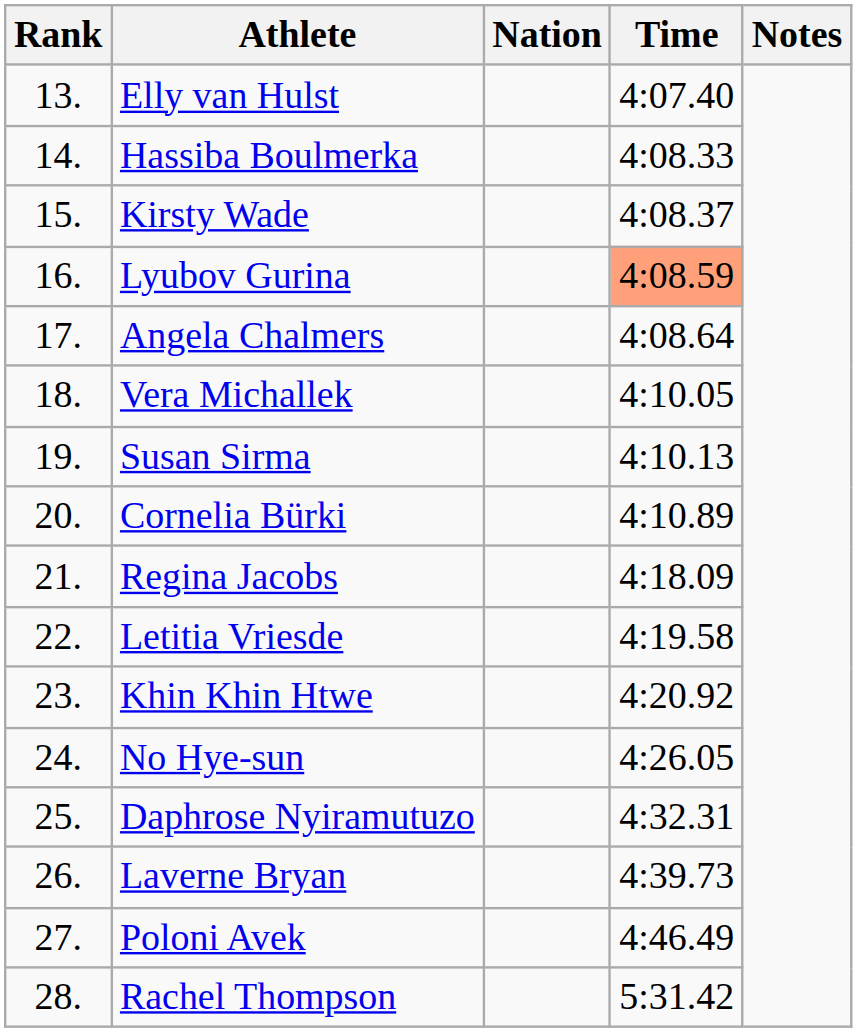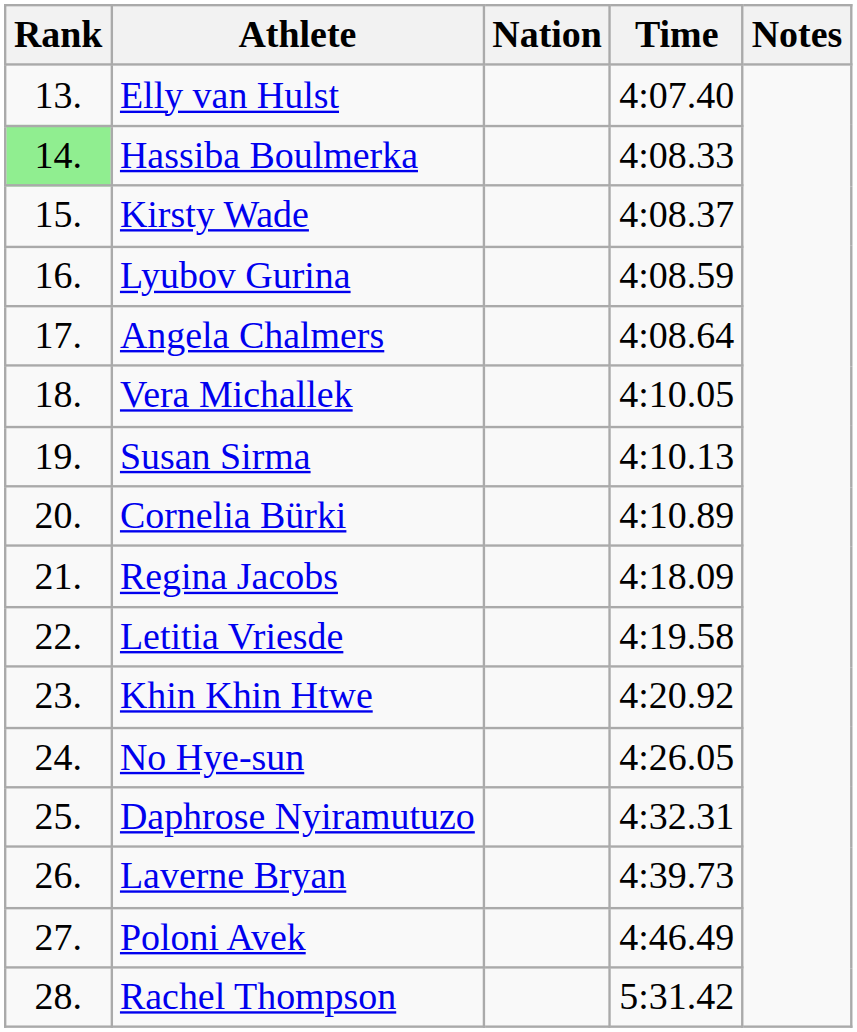 <table class="wikitable sortable" style="text-align:center">
 <tr>
 <th>Rank</th>
 <th>Athlete</th>
 <th>Nation</th>
 <th>Time</th>
 <th>Notes</th>
 </tr>
 <tr>
 <td>13.</td>
 <td align=left><a href='#'>Elly van Hulst</a></td>
 <td align=left></td>
 <td>4:07.40</td>
 </tr>
 <tr>
-<td>14.</td>
+<td style="background: lightgreen;">14.</td>
 <td align=left><a href='#'>Hassiba Boulmerka</a></td>
 <td align=left></td>
 <td>4:08.33</td>
 </tr>
 <tr>
 <td>15.</td>
 <td align=left><a href='#'>Kirsty Wade</a></td>
 <td align=left></td>
 <td>4:08.37</td>
 </tr>
 <tr>
 <td>16.</td>
 <td align=left><a href='#'>Lyubov Gurina</a></td>
 <td align=left></td>
-<td style="background: lightsalmon;">4:08.59</td>
+<td>4:08.59</td>
 </tr>
 <tr>
 <td>17.</td>
 <td align=left><a href='#'>Angela Chalmers</a></td>
 <td align=left></td>
 <td>4:08.64</td>
 </tr>
 <tr>
 <td>18.</td>
 <td align=left><a href='#'>Vera Michallek</a></td>
 <td align=left></td>
 <td>4:10.05</td>
 </tr>
 <tr>
 <td>19.</td>
 <td align=left><a href='#'>Susan Sirma</a></td>
 <td align=left></td>
 <td>4:10.13</td>
 </tr>
 <tr>
 <td>20.</td>
 <td align=left><a href='#'>Cornelia Bürki</a></td>
 <td align=left></td>
 <td>4:10.89</td>
 </tr>
 <tr>
 <td>21.</td>
 <td align=left><a href='#'>Regina Jacobs</a></td>
 <td align=left></td>
 <td>4:18.09</td>
 </tr>
 <tr>
 <td>22.</td>
 <td align=left><a href='#'>Letitia Vriesde</a></td>
 <td align=left></td>
 <td>4:19.58</td>
 </tr>
 <tr>
 <td>23.</td>
 <td align=left><a href='#'>Khin Khin Htwe</a></td>
 <td align=left></td>
 <td>4:20.92</td>
 </tr>
 <tr>
 <td>24.</td>
 <td align=left><a href='#'>No Hye-sun</a></td>
 <td align=left></td>
 <td>4:26.05</td>
 </tr>
 <tr>
 <td>25.</td>
 <td align=left><a href='#'>Daphrose Nyiramutuzo</a></td>
 <td align=left></td>
 <td>4:32.31</td>
 </tr>
 <tr>
 <td>26.</td>
 <td align=left><a href='#'>Laverne Bryan</a></td>
 <td align=left></td>
 <td>4:39.73</td>
 </tr>
 <tr>
 <td>27.</td>
 <td align=left><a href='#'>Poloni Avek</a></td>
 <td align=left></td>
 <td>4:46.49</td>
 </tr>
 <tr>
 <td>28.</td>
 <td align=left><a href='#'>Rachel Thompson</a></td>
 <td align=left></td>
 <td>5:31.42</td>
 </tr>
 </table>
